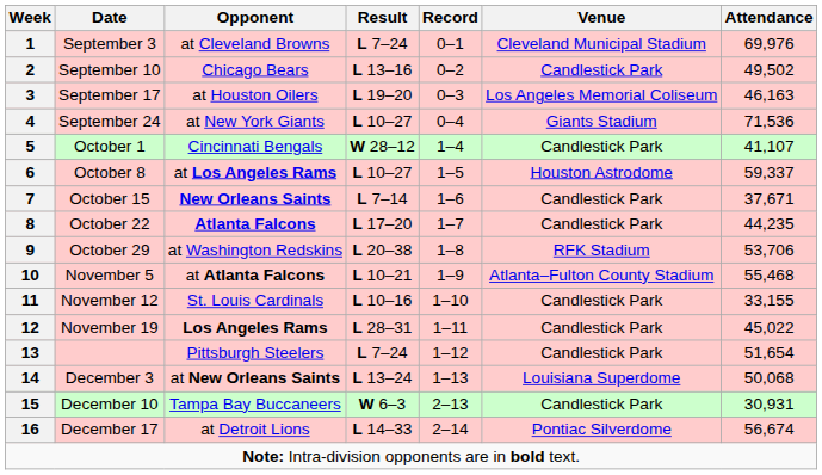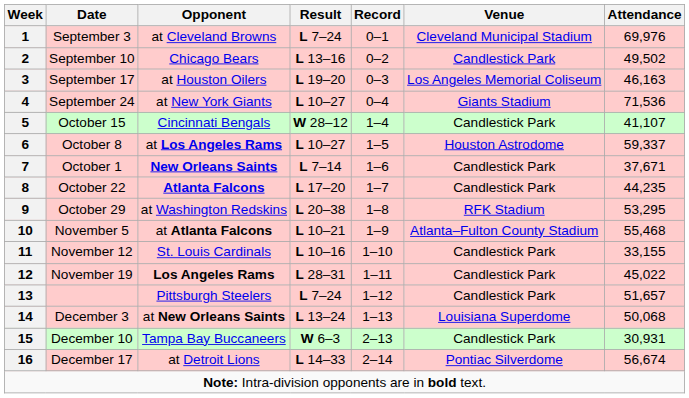 <table class="wikitable" style="text-align:center;">
 <tr>
 <th>Week</th>
 <th>Date</th>
 <th>Opponent</th>
 <th>Result</th>
 <th>Record</th>
 <th>Venue</th>
 <th>Attendance</th>
 </tr>
 <tr style="background:#fcc">
 <th>1</th>
 <td>September 3</td>
 <td>at <a href='#'>Cleveland Browns</a></td>
 <td><strong>L</strong> 7–24</td>
 <td>0–1</td>
 <td><a href='#'>Cleveland Municipal Stadium</a></td>
 <td>69,976</td>
 </tr>
 <tr style="background:#fcc">
 <th>2</th>
 <td>September 10</td>
 <td><a href='#'>Chicago Bears</a></td>
 <td><strong>L</strong> 13–16</td>
 <td>0–2</td>
 <td><a href='#'>Candlestick Park</a></td>
 <td>49,502</td>
 </tr>
 <tr style="background:#fcc">
 <th>3</th>
 <td>September 17</td>
 <td>at <a href='#'>Houston Oilers</a></td>
 <td><strong>L</strong> 19–20</td>
 <td>0–3</td>
 <td><a href='#'>Los Angeles Memorial Coliseum</a></td>
 <td>46,163</td>
 </tr>
 <tr style="background:#fcc">
 <th>4</th>
 <td>September 24</td>
 <td>at <a href='#'>New York Giants</a></td>
 <td><strong>L</strong> 10–27</td>
 <td>0–4</td>
 <td><a href='#'>Giants Stadium</a></td>
 <td>71,536</td>
 </tr>
 <tr style="background:#cfc">
 <th>5</th>
-<td>October 1</td>
+<td>October 15</td>
 <td><a href='#'>Cincinnati Bengals</a></td>
 <td><strong>W</strong> 28–12</td>
 <td>1–4</td>
 <td>Candlestick Park</td>
 <td>41,107</td>
 </tr>
 <tr style="background:#fcc">
 <th>6</th>
 <td>October 8</td>
 <td>at <strong><a href='#'>Los Angeles Rams</a></strong></td>
 <td><strong>L</strong> 10–27</td>
 <td>1–5</td>
 <td><a href='#'>Houston Astrodome</a></td>
 <td>59,337</td>
 </tr>
 <tr style="background:#fcc">
 <th>7</th>
-<td>October 15</td>
+<td>October 1</td>
 <td><strong><a href='#'>New Orleans Saints</a></strong></td>
 <td><strong>L</strong> 7–14</td>
 <td>1–6</td>
 <td>Candlestick Park</td>
 <td>37,671</td>
 </tr>
 <tr style="background:#fcc">
 <th>8</th>
 <td>October 22</td>
 <td><strong><a href='#'>Atlanta Falcons</a></strong></td>
 <td><strong>L</strong> 17–20</td>
 <td>1–7</td>
 <td>Candlestick Park</td>
 <td>44,235</td>
 </tr>
 <tr style="background:#fcc">
 <th>9</th>
 <td>October 29</td>
 <td>at <a href='#'>Washington Redskins</a></td>
 <td><strong>L</strong> 20–38</td>
 <td>1–8</td>
 <td><a href='#'>RFK Stadium</a></td>
-<td>53,706</td>
+<td>53,295</td>
 </tr>
 <tr style="background:#fcc">
 <th>10</th>
 <td>November 5</td>
 <td>at <strong>Atlanta Falcons</strong></td>
 <td><strong>L</strong> 10–21</td>
 <td>1–9</td>
 <td><a href='#'>Atlanta–Fulton County Stadium</a></td>
 <td>55,468</td>
 </tr>
 <tr style="background:#fcc">
 <th>11</th>
 <td>November 12</td>
 <td><a href='#'>St. Louis Cardinals</a></td>
 <td><strong>L</strong> 10–16</td>
 <td>1–10</td>
 <td>Candlestick Park</td>
 <td>33,155</td>
 </tr>
 <tr style="background:#fcc">
 <th>12</th>
 <td>November 19</td>
 <td><strong>Los Angeles Rams</strong></td>
 <td><strong>L</strong> 28–31</td>
 <td>1–11</td>
 <td>Candlestick Park</td>
 <td>45,022</td>
 </tr>
 <tr style="background:#fcc">
 <th>13</th>
 <td></td>
 <td><a href='#'>Pittsburgh Steelers</a></td>
 <td><strong>L</strong> 7–24</td>
 <td>1–12</td>
 <td>Candlestick Park</td>
-<td>51,654</td>
+<td>51,657</td>
 </tr>
 <tr style="background:#fcc">
 <th>14</th>
 <td>December 3</td>
 <td>at <strong>New Orleans Saints</strong></td>
 <td><strong>L</strong> 13–24</td>
 <td>1–13</td>
 <td><a href='#'>Louisiana Superdome</a></td>
 <td>50,068</td>
 </tr>
 <tr style="background:#cfc">
 <th>15</th>
 <td>December 10</td>
 <td><a href='#'>Tampa Bay Buccaneers</a></td>
 <td><strong>W</strong> 6–3</td>
 <td>2–13</td>
 <td>Candlestick Park</td>
 <td>30,931</td>
 </tr>
 <tr style="background:#fcc">
 <th>16</th>
 <td>December 17</td>
 <td>at <a href='#'>Detroit Lions</a></td>
 <td><strong>L</strong> 14–33</td>
 <td>2–14</td>
 <td><a href='#'>Pontiac Silverdome</a></td>
 <td>56,674</td>
 </tr>
 <tr>
 <td colspan="8"><strong>Note:</strong> Intra-division opponents are in <strong>bold</strong> text.</td>
 </tr>
 </table>
